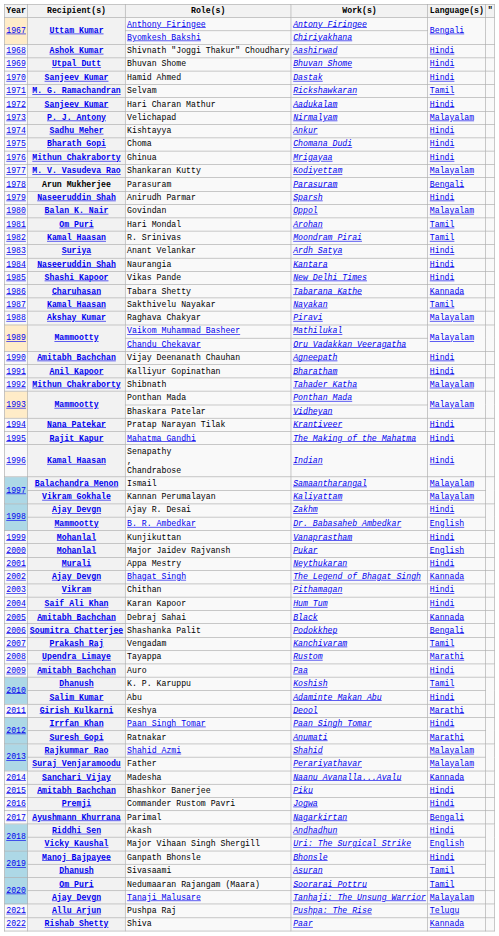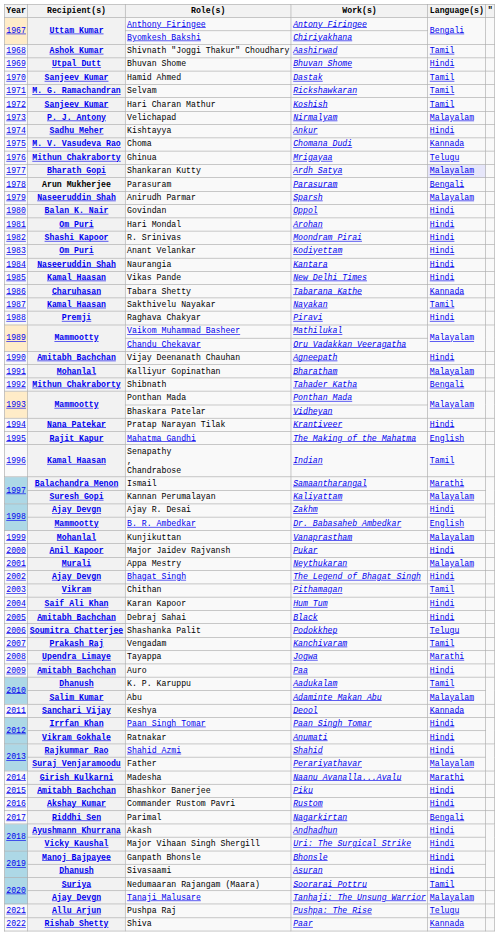 <table class="wikitable plainrowheaders sortable">
 <tr>
 <th scope="col">Year</th>
 <th scope="col">Recipient(s)</th>
 <th scope="col">Role(s)</th>
 <th scope="col">Work(s)</th>
 <th scope="col">Language(s)</th>
 <th scope="col">"</th>
 </tr>
 <tr>
 <td style="background:#ffecc8;" rowspan="2"><a href='#'>1967<br></a> </td>
 <th rowspan="2" scope="row"><a href='#'>Uttam Kumar</a></th>
 <td><a href='#'>Anthony Firingee</a></td>
 <td><em><a href='#'>Antony Firingee</a></em></td>
 <td rowspan="2"><a href='#'>Bengali</a></td>
 <td rowspan="2"></td>
 </tr>
 <tr>
 <td><a href='#'>Byomkesh Bakshi</a></td>
 <td><em><a href='#'>Chiriyakhana</a></em></td>
 </tr>
 <tr>
 <td><a href='#'>1968<br></a></td>
 <th scope="row"><a href='#'>Ashok Kumar</a></th>
 <td>Shivnath "Joggi Thakur" Choudhary</td>
 <td><em><a href='#'>Aashirwad</a></em></td>
-<td><a href='#'>Hindi</a></td>
+<td><a href='#'>Tamil</a></td>
 <td></td>
 </tr>
 <tr>
 <td><a href='#'>1969<br></a></td>
 <th scope="row"><a href='#'>Utpal Dutt</a></th>
 <td>Bhuvan Shome</td>
 <td><em><a href='#'>Bhuvan Shome</a></em></td>
 <td><a href='#'>Hindi</a></td>
 <td></td>
 </tr>
 <tr>
 <td><a href='#'>1970<br></a></td>
 <th scope="row"><a href='#'>Sanjeev Kumar</a></th>
 <td>Hamid Ahmed</td>
 <td><em><a href='#'>Dastak</a></em></td>
-<td><a href='#'>Hindi</a></td>
+<td><a href='#'>Tamil</a></td>
 <td></td>
 </tr>
 <tr>
 <td><a href='#'>1971<br></a></td>
 <th scope="row"><a href='#'>M. G. Ramachandran</a></th>
 <td>Selvam</td>
 <td><em><a href='#'>Rickshawkaran</a></em></td>
 <td><a href='#'>Tamil</a></td>
 <td></td>
 </tr>
 <tr>
 <td><a href='#'>1972<br></a></td>
 <th scope="row"><a href='#'>Sanjeev Kumar</a></th>
 <td>Hari Charan Mathur</td>
-<td><em><a href='#'>Aadukalam</a></em></td>
-<td><a href='#'>Hindi</a></td>
+<td><em><a href='#'>Koshish</a></em></td>
+<td><a href='#'>Tamil</a></td>
 <td></td>
 </tr>
 <tr>
 <td><a href='#'>1973<br></a></td>
 <th scope="row"><a href='#'>P. J. Antony</a></th>
 <td>Velichapad</td>
 <td><em><a href='#'>Nirmalyam</a></em></td>
 <td><a href='#'>Malayalam</a></td>
 <td></td>
 </tr>
 <tr>
 <td><a href='#'>1974<br></a></td>
 <th scope="row"><a href='#'>Sadhu Meher</a></th>
 <td>Kishtayya</td>
 <td><em><a href='#'>Ankur</a></em></td>
 <td><a href='#'>Hindi</a></td>
 <td></td>
 </tr>
 <tr>
 <td><a href='#'>1975<br></a></td>
-<th scope="row"><a href='#'>Bharath Gopi</a></th>
+<th scope="row"><a href='#'>M. V. Vasudeva Rao</a></th>
 <td>Choma</td>
 <td><em><a href='#'>Chomana Dudi</a></em></td>
-<td><a href='#'>Hindi</a></td>
+<td><a href='#'>Kannada</a></td>
 <td></td>
 </tr>
 <tr>
 <td><a href='#'>1976<br></a></td>
 <th scope="row"><a href='#'>Mithun Chakraborty</a></th>
 <td>Ghinua</td>
 <td><em><a href='#'>Mrigayaa</a></em></td>
-<td><a href='#'>Hindi</a></td>
+<td><a href='#'>Telugu</a></td>
 <td></td>
 </tr>
 <tr>
 <td><a href='#'>1977<br></a></td>
-<th scope="row"><a href='#'>M. V. Vasudeva Rao</a></th>
+<th scope="row"><a href='#'>Bharath Gopi</a></th>
 <td>Shankaran Kutty</td>
-<td><em><a href='#'>Kodiyettam</a></em></td>
-<td><a href='#'>Malayalam</a></td>
+<td><em><a href='#'>Ardh Satya</a></em></td>
+<td style="background: lavender;"><a href='#'>Malayalam</a></td>
 <td></td>
 </tr>
 <tr>
 <td><a href='#'>1978<br></a></td>
 <th scope="row">Arun Mukherjee</th>
 <td>Parasuram</td>
 <td><em><a href='#'>Parasuram</a></em></td>
 <td><a href='#'>Bengali</a></td>
 <td></td>
 </tr>
 <tr>
 <td><a href='#'>1979<br></a></td>
 <th scope="row"><a href='#'>Naseeruddin Shah</a></th>
 <td>Anirudh Parmar</td>
 <td><em><a href='#'>Sparsh</a></em></td>
-<td><a href='#'>Hindi</a></td>
+<td><a href='#'>Malayalam</a></td>
 <td></td>
 </tr>
 <tr>
 <td><a href='#'>1980<br></a></td>
 <th scope="row"><a href='#'>Balan K. Nair</a></th>
 <td>Govindan</td>
 <td><em><a href='#'>Oppol</a></em></td>
-<td><a href='#'>Malayalam</a></td>
+<td><a href='#'>Hindi</a></td>
 <td></td>
 </tr>
 <tr>
 <td><a href='#'>1981<br></a></td>
 <th scope="row"><a href='#'>Om Puri</a></th>
 <td>Hari Mondal</td>
 <td><em><a href='#'>Arohan</a></em></td>
-<td><a href='#'>Tamil</a></td>
+<td><a href='#'>Hindi</a></td>
 <td></td>
 </tr>
 <tr>
 <td><a href='#'>1982<br></a></td>
-<th scope="row"><a href='#'>Kamal Haasan</a></th>
+<th scope="row"><a href='#'>Shashi Kapoor</a></th>
 <td>R. Srinivas<br></td>
 <td><em><a href='#'>Moondram Pirai</a></em></td>
-<td><a href='#'>Tamil</a></td>
+<td><a href='#'>Hindi</a></td>
 <td></td>
 </tr>
 <tr>
 <td><a href='#'>1983<br></a></td>
-<th scope="row"><a href='#'>Suriya</a></th>
+<th scope="row"><a href='#'>Om Puri</a></th>
 <td>Anant Velankar</td>
-<td><em><a href='#'>Ardh Satya</a></em></td>
+<td><em><a href='#'>Kodiyettam</a></em></td>
 <td><a href='#'>Hindi</a></td>
 <td></td>
 </tr>
 <tr>
 <td><a href='#'>1984<br></a></td>
 <th scope="row"><a href='#'>Naseeruddin Shah</a></th>
 <td>Naurangia</td>
 <td><em><a href='#'>Kantara</a></em></td>
 <td><a href='#'>Hindi</a></td>
 <td></td>
 </tr>
 <tr>
 <td><a href='#'>1985<br></a></td>
-<th scope="row"><a href='#'>Shashi Kapoor</a></th>
+<th scope="row"><a href='#'>Kamal Haasan</a></th>
 <td>Vikas Pande</td>
 <td><em><a href='#'>New Delhi Times</a></em></td>
 <td><a href='#'>Hindi</a></td>
 <td></td>
 </tr>
 <tr>
 <td><a href='#'>1986<br></a></td>
 <th scope="row"><a href='#'>Charuhasan</a></th>
 <td>Tabara Shetty</td>
 <td><em><a href='#'>Tabarana Kathe</a></em></td>
 <td><a href='#'>Kannada</a></td>
 <td></td>
 </tr>
 <tr>
 <td><a href='#'>1987<br></a></td>
 <th scope="row"><a href='#'>Kamal Haasan</a></th>
 <td>Sakthivelu Nayakar</td>
 <td><em><a href='#'>Nayakan</a></em></td>
 <td><a href='#'>Tamil</a></td>
 <td></td>
 </tr>
 <tr>
 <td><a href='#'>1988<br></a></td>
-<th scope="row"><a href='#'>Akshay Kumar</a></th>
+<th scope="row"><a href='#'>Premji</a></th>
 <td>Raghava Chakyar</td>
 <td><em><a href='#'>Piravi</a></em></td>
-<td><a href='#'>Malayalam</a></td>
+<td><a href='#'>Hindi</a></td>
 <td></td>
 </tr>
 <tr>
 <td style="background:#ffecc8;" rowspan="2"><a href='#'>1989<br></a> </td>
 <th rowspan="2" scope="row"><a href='#'>Mammootty</a></th>
 <td><a href='#'>Vaikom Muhammad Basheer</a> <br></td>
 <td><em><a href='#'>Mathilukal</a></em></td>
 <td rowspan="2"><a href='#'>Malayalam</a></td>
 <td rowspan="2"></td>
 </tr>
 <tr>
 <td><a href='#'>Chandu Chekavar</a></td>
 <td><em><a href='#'>Oru Vadakkan Veeragatha</a></em></td>
 </tr>
 <tr>
 <td><a href='#'>1990<br></a></td>
 <th scope="row"><a href='#'>Amitabh Bachchan</a></th>
 <td>Vijay Deenanath Chauhan</td>
 <td><em><a href='#'>Agneepath</a></em></td>
 <td><a href='#'>Hindi</a></td>
 <td></td>
 </tr>
 <tr>
 <td><a href='#'>1991<br></a></td>
-<th scope="row"><a href='#'>Anil Kapoor</a></th>
+<th scope="row"><a href='#'>Mohanlal</a></th>
 <td>Kalliyur Gopinathan</td>
 <td><em><a href='#'>Bharatham</a></em></td>
-<td><a href='#'>Hindi</a></td>
+<td><a href='#'>Malayalam</a></td>
 <td></td>
 </tr>
 <tr>
 <td><a href='#'>1992<br></a></td>
 <th scope="row"><a href='#'>Mithun Chakraborty</a></th>
 <td>Shibnath</td>
 <td><em><a href='#'>Tahader Katha</a></em></td>
-<td><a href='#'>Malayalam</a></td>
+<td><a href='#'>Bengali</a></td>
 <td></td>
 </tr>
 <tr>
 <td style="background:#ffecc8;" rowspan="2"><a href='#'>1993<br></a> </td>
 <th rowspan="2" scope="row"><a href='#'>Mammootty</a></th>
 <td>Ponthan Mada</td>
 <td><em><a href='#'>Ponthan Mada</a></em></td>
 <td rowspan="2"><a href='#'>Malayalam</a></td>
 <td rowspan="2"></td>
 </tr>
 <tr>
 <td>Bhaskara Patelar</td>
 <td><em><a href='#'>Vidheyan</a></em></td>
 </tr>
 <tr>
 <td><a href='#'>1994<br></a></td>
 <th scope="row"><a href='#'>Nana Patekar</a></th>
 <td>Pratap Narayan Tilak</td>
 <td><em><a href='#'>Krantiveer</a></em></td>
 <td><a href='#'>Hindi</a></td>
 <td></td>
 </tr>
 <tr>
 <td><a href='#'>1995<br></a></td>
 <th scope="row"><a href='#'>Rajit Kapur</a></th>
 <td><a href='#'>Mahatma Gandhi</a></td>
 <td><em><a href='#'>The Making of the Mahatma</a></em></td>
-<td><a href='#'>Hindi</a></td>
+<td><a href='#'>English</a></td>
 <td></td>
 </tr>
 <tr>
 <td><a href='#'>1996<br></a></td>
 <th scope="row"><a href='#'>Kamal Haasan</a></th>
 <td>Senapathy <br>,<br>Chandrabose <br></td>
 <td><em><a href='#'>Indian</a></em></td>
-<td><a href='#'>Hindi</a></td>
+<td><a href='#'>Tamil</a></td>
 <td></td>
 </tr>
 <tr>
 <td style="background:#ADD8E6" rowspan="2"><a href='#'>1997<br></a> </td>
 <th scope="row"><a href='#'>Balachandra Menon</a></th>
 <td>Ismail</td>
 <td><em><a href='#'>Samaantharangal</a></em></td>
-<td><a href='#'>Malayalam</a></td>
+<td><a href='#'>Marathi</a></td>
 <td rowspan="2"></td>
 </tr>
 <tr>
-<th scope="row"><a href='#'>Vikram Gokhale</a></th>
+<th scope="row"><a href='#'>Suresh Gopi</a></th>
 <td>Kannan Perumalayan</td>
 <td><em><a href='#'>Kaliyattam</a></em></td>
 <td><a href='#'>Malayalam</a></td>
 </tr>
 <tr>
 <td style="background:#ADD8E6" rowspan="2"><a href='#'>1998<br></a> </td>
 <th scope="row"><a href='#'>Ajay Devgn</a></th>
 <td>Ajay R. Desai</td>
 <td><em><a href='#'>Zakhm</a></em></td>
 <td><a href='#'>Hindi</a></td>
 <td rowspan="2"></td>
 </tr>
 <tr>
 <th scope="row"><a href='#'>Mammootty</a></th>
 <td><a href='#'>B. R. Ambedkar</a></td>
 <td><em><a href='#'>Dr. Babasaheb Ambedkar</a></em></td>
 <td><a href='#'>English</a></td>
 </tr>
 <tr>
 <td><a href='#'>1999<br></a></td>
 <th scope="row"><a href='#'>Mohanlal</a></th>
 <td>Kunjikuttan</td>
 <td><em><a href='#'>Vanaprastham</a></em></td>
-<td><a href='#'>Hindi</a></td>
+<td><a href='#'>Malayalam</a></td>
 <td></td>
 </tr>
 <tr>
 <td><a href='#'>2000<br></a></td>
-<th scope="row"><a href='#'>Mohanlal</a></th>
+<th scope="row"><a href='#'>Anil Kapoor</a></th>
 <td>Major Jaidev Rajvansh</td>
 <td><em><a href='#'>Pukar</a></em></td>
-<td><a href='#'>English</a></td>
+<td><a href='#'>Hindi</a></td>
 <td></td>
 </tr>
 <tr>
 <td><a href='#'>2001<br></a></td>
 <th scope="row"><a href='#'>Murali</a></th>
 <td>Appa Mestry</td>
 <td><em><a href='#'>Neythukaran</a></em></td>
-<td><a href='#'>Hindi</a></td>
+<td><a href='#'>Malayalam</a></td>
 <td></td>
 </tr>
 <tr>
 <td><a href='#'>2002<br></a></td>
 <th scope="row"><a href='#'>Ajay Devgn</a></th>
 <td><a href='#'>Bhagat Singh</a></td>
 <td><em><a href='#'>The Legend of Bhagat Singh</a></em></td>
-<td><a href='#'>Kannada</a></td>
+<td><a href='#'>Hindi</a></td>
 <td></td>
 </tr>
 <tr>
 <td><a href='#'>2003<br></a></td>
 <th scope="row"><a href='#'>Vikram</a></th>
 <td>Chithan</td>
 <td><em><a href='#'>Pithamagan</a></em></td>
-<td><a href='#'>Hindi</a></td>
+<td><a href='#'>Tamil</a></td>
 <td></td>
 </tr>
 <tr>
 <td><a href='#'>2004<br></a></td>
 <th scope="row"><a href='#'>Saif Ali Khan</a></th>
 <td>Karan Kapoor</td>
 <td><em><a href='#'>Hum Tum</a></em></td>
 <td><a href='#'>Hindi</a></td>
 <td></td>
 </tr>
 <tr>
 <td><a href='#'>2005<br></a></td>
 <th scope="row"><a href='#'>Amitabh Bachchan</a></th>
 <td>Debraj Sahai</td>
 <td><em><a href='#'>Black</a></em></td>
-<td><a href='#'>Kannada</a></td>
+<td><a href='#'>Hindi</a></td>
 <td></td>
 </tr>
 <tr>
 <td><a href='#'>2006<br></a></td>
 <th scope="row"><a href='#'>Soumitra Chatterjee</a></th>
 <td>Shashanka Palit</td>
 <td><em><a href='#'>Podokkhep</a></em></td>
-<td><a href='#'>Bengali</a></td>
+<td><a href='#'>Telugu</a></td>
 <td></td>
 </tr>
 <tr>
 <td><a href='#'>2007<br></a></td>
 <th scope="row"><a href='#'>Prakash Raj</a></th>
 <td>Vengadam</td>
 <td><em><a href='#'>Kanchivaram</a></em></td>
 <td><a href='#'>Tamil</a></td>
 <td></td>
 </tr>
 <tr>
 <td><a href='#'>2008<br></a></td>
 <th scope="row"><a href='#'>Upendra Limaye</a></th>
 <td>Tayappa</td>
-<td><em><a href='#'>Rustom</a></em></td>
+<td><em><a href='#'>Jogwa</a></em></td>
 <td><a href='#'>Marathi</a></td>
 <td></td>
 </tr>
 <tr>
 <td><a href='#'>2009<br></a></td>
 <th scope="row"><a href='#'>Amitabh Bachchan</a></th>
 <td>Auro</td>
 <td><em><a href='#'>Paa</a></em></td>
 <td><a href='#'>Hindi</a></td>
 <td></td>
 </tr>
 <tr>
 <td style="background:#ADD8E6" rowspan="2"><a href='#'>2010<br></a> </td>
 <th scope="row"><a href='#'>Dhanush</a></th>
 <td>K. P. Karuppu</td>
-<td><em><a href='#'>Koshish</a></em></td>
+<td><em><a href='#'>Aadukalam</a></em></td>
 <td><a href='#'>Tamil</a></td>
 <td rowspan="2"></td>
 </tr>
 <tr>
 <th scope="row"><a href='#'>Salim Kumar</a></th>
 <td>Abu</td>
 <td><em><a href='#'>Adaminte Makan Abu</a></em></td>
-<td><a href='#'>Hindi</a></td>
+<td><a href='#'>Malayalam</a></td>
 </tr>
 <tr>
 <td><a href='#'>2011<br></a></td>
-<th scope="row"><a href='#'>Girish Kulkarni</a></th>
+<th scope="row"><a href='#'>Sanchari Vijay</a></th>
 <td>Keshya</td>
 <td><em><a href='#'>Deool</a></em></td>
-<td><a href='#'>Marathi</a></td>
+<td><a href='#'>Kannada</a></td>
 <td></td>
 </tr>
 <tr>
 <td style="background:#ADD8E6" rowspan="2"><a href='#'>2012<br></a> </td>
 <th scope="row"><a href='#'>Irrfan Khan</a></th>
 <td><a href='#'>Paan Singh Tomar</a></td>
 <td><em><a href='#'>Paan Singh Tomar</a></em></td>
 <td><a href='#'>Hindi</a></td>
 <td rowspan="2"></td>
 </tr>
 <tr>
-<th scope="row"><a href='#'>Suresh Gopi</a></th>
+<th scope="row"><a href='#'>Vikram Gokhale</a></th>
 <td>Ratnakar</td>
 <td><em><a href='#'>Anumati</a></em></td>
-<td><a href='#'>Marathi</a></td>
+<td><a href='#'>Hindi</a></td>
 </tr>
 <tr>
 <td style="background:#ADD8E6" rowspan="2"><a href='#'>2013<br></a> </td>
 <th scope="row"><a href='#'>Rajkummar Rao</a></th>
 <td><a href='#'>Shahid Azmi</a></td>
 <td><em><a href='#'>Shahid</a></em></td>
-<td><a href='#'>Malayalam</a></td>
+<td><a href='#'>Hindi</a></td>
 <td rowspan="2"></td>
 </tr>
 <tr>
 <th scope="row"><a href='#'>Suraj Venjaramoodu</a></th>
 <td>Father</td>
 <td><em><a href='#'>Perariyathavar</a></em></td>
 <td><a href='#'>Malayalam</a></td>
 </tr>
 <tr>
 <td><a href='#'>2014<br></a></td>
-<th scope="row"><a href='#'>Sanchari Vijay</a></th>
+<th scope="row"><a href='#'>Girish Kulkarni</a></th>
 <td>Madesha<br></td>
 <td><em><a href='#'>Naanu Avanalla...Avalu</a></em></td>
-<td><a href='#'>Kannada</a></td>
+<td><a href='#'>Marathi</a></td>
 <td></td>
 </tr>
 <tr>
 <td><a href='#'>2015<br></a></td>
 <th scope="row"><a href='#'>Amitabh Bachchan</a></th>
 <td>Bhashkor Banerjee</td>
 <td><em><a href='#'>Piku</a></em></td>
 <td><a href='#'>Hindi</a></td>
 <td></td>
 </tr>
 <tr>
 <td><a href='#'>2016<br></a></td>
-<th scope="row"><a href='#'>Premji</a></th>
+<th scope="row"><a href='#'>Akshay Kumar</a></th>
 <td>Commander Rustom Pavri</td>
-<td><em><a href='#'>Jogwa</a></em></td>
+<td><em><a href='#'>Rustom</a></em></td>
 <td><a href='#'>Hindi</a></td>
 <td></td>
 </tr>
 <tr>
 <td><a href='#'>2017<br></a></td>
-<th scope="row"><a href='#'>Ayushmann Khurrana</a></th>
+<th scope="row"><a href='#'>Riddhi Sen</a></th>
 <td>Parimal<br></td>
 <td><em><a href='#'>Nagarkirtan</a></em></td>
 <td><a href='#'>Bengali</a></td>
 <td></td>
 </tr>
 <tr>
 <td style="background:#ADD8E6" rowspan="2"><a href='#'>2018<br></a> </td>
-<th scope="row"><a href='#'>Riddhi Sen</a></th>
+<th scope="row"><a href='#'>Ayushmann Khurrana</a></th>
 <td>Akash</td>
 <td><em><a href='#'>Andhadhun</a></em></td>
 <td><a href='#'>Hindi</a></td>
 <td rowspan="2"></td>
 </tr>
 <tr>
 <th scope="row"><a href='#'>Vicky Kaushal</a></th>
 <td>Major Vihaan Singh Shergill</td>
 <td><em><a href='#'>Uri: The Surgical Strike</a></em></td>
-<td><a href='#'>English</a></td>
+<td><a href='#'>Hindi</a></td>
 </tr>
 <tr>
 <td style="background:#ADD8E6" rowspan="2"><a href='#'>2019<br></a> </td>
 <th scope="row"><a href='#'>Manoj Bajpayee</a></th>
 <td>Ganpath Bhonsle</td>
 <td><em><a href='#'>Bhonsle</a></em></td>
 <td><a href='#'>Hindi</a></td>
 <td rowspan="2"></td>
 </tr>
 <tr>
 <th scope="row"><a href='#'>Dhanush</a></th>
 <td>Sivasaami</td>
 <td><em><a href='#'>Asuran</a></em></td>
-<td><a href='#'>Tamil</a></td>
+<td><a href='#'>Hindi</a></td>
 </tr>
 <tr>
 <td style="background:#ADD8E6" rowspan="2"><a href='#'>2020<br></a> </td>
-<th scope="row"><a href='#'>Om Puri</a></th>
+<th scope="row"><a href='#'>Suriya</a></th>
 <td>Nedumaaran Rajangam (Maara)</td>
 <td><em><a href='#'>Soorarai Pottru</a></em></td>
 <td><a href='#'>Tamil</a></td>
 <td></td>
 </tr>
 <tr>
 <th scope="row"><a href='#'>Ajay Devgn</a></th>
 <td><a href='#'>Tanaji Malusare</a></td>
 <td><em><a href='#'>Tanhaji: The Unsung Warrior</a></em></td>
 <td><a href='#'>Malayalam</a></td>
 <td></td>
 </tr>
 <tr>
 <td><a href='#'>2021<br></a></td>
 <th scope="row"><a href='#'>Allu Arjun</a></th>
 <td>Pushpa Raj</td>
 <td><em><a href='#'>Pushpa: The Rise</a></em></td>
 <td><a href='#'>Telugu</a></td>
 <td></td>
 </tr>
 <tr>
 <td><a href='#'>2022<br></a></td>
 <th scope="row"><a href='#'>Rishab Shetty</a></th>
 <td>Shiva</td>
 <td><em><a href='#'>Paar</a></em></td>
 <td><a href='#'>Kannada</a></td>
 <td></td>
 </tr>
 </table>
